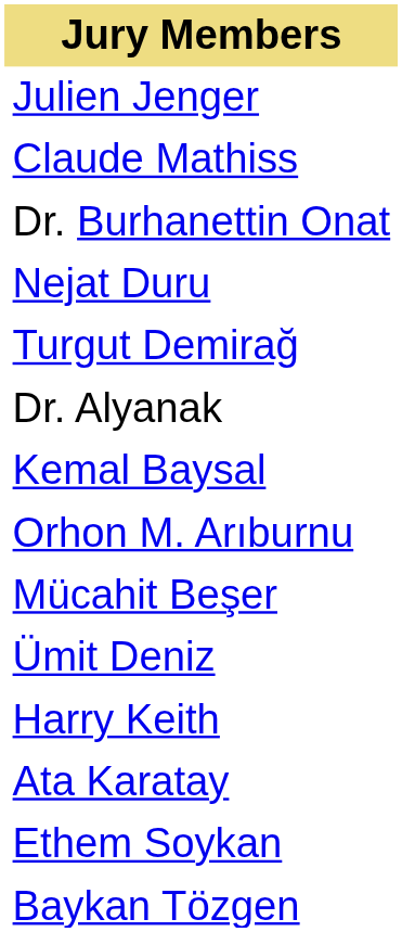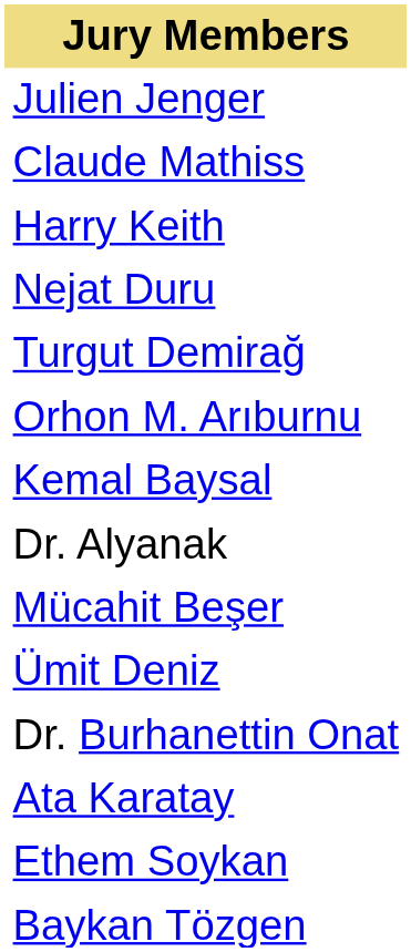 <table align="right" class="toccolours" cellspacing="0" cellpadding="3">
 <tr style="background: #EEDD82">
 <th>Jury Members</th>
 </tr>
 <tr>
 <td><a href='#'>Julien Jenger</a></td>
 </tr>
 <tr>
 <td><a href='#'>Claude Mathiss</a></td>
 </tr>
 <tr>
-<td>Dr. <a href='#'>Burhanettin Onat</a></td>
+<td><a href='#'>Harry Keith</a></td>
 </tr>
 <tr>
 <td><a href='#'>Nejat Duru</a></td>
 </tr>
 <tr>
 <td><a href='#'>Turgut Demirağ</a></td>
 </tr>
 <tr>
-<td>Dr. Alyanak</td>
+<td><a href='#'>Orhon M. Arıburnu</a></td>
 </tr>
 <tr>
 <td><a href='#'>Kemal Baysal</a></td>
 </tr>
 <tr>
-<td><a href='#'>Orhon M. Arıburnu</a></td>
+<td>Dr. Alyanak</td>
 </tr>
 <tr>
 <td><a href='#'>Mücahit Beşer</a></td>
 </tr>
 <tr>
 <td><a href='#'>Ümit Deniz</a></td>
 </tr>
 <tr>
-<td><a href='#'>Harry Keith</a></td>
+<td>Dr. <a href='#'>Burhanettin Onat</a></td>
 </tr>
 <tr>
 <td><a href='#'>Ata Karatay</a></td>
 </tr>
 <tr>
 <td><a href='#'>Ethem Soykan</a></td>
 </tr>
 <tr>
 <td><a href='#'>Baykan Tözgen</a></td>
 </tr>
 </table>
